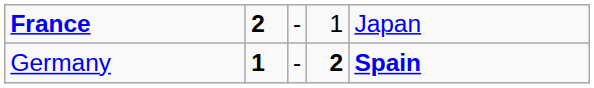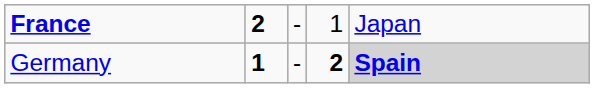 <table class="wikitable">
 <tr>
 <td width=150> <strong><a href='#'>France</a></strong></td>
 <td style="width:20px; text-align:left;"><strong>2</strong></td>
 <td>-</td>
 <td style="width:20px; text-align:right;">1</td>
 <td width=150> <a href='#'>Japan</a></td>
 </tr>
 <tr>
 <td> <a href='#'>Germany</a></td>
 <td style="text-align:left;"><strong>1</strong></td>
 <td>-</td>
 <td style="text-align:right;"><strong>2</strong></td>
-<td> <strong><a href='#'>Spain</a></strong></td>
+<td style="background: lightgrey;"> <strong><a href='#'>Spain</a></strong></td>
 </tr>
 </table>
